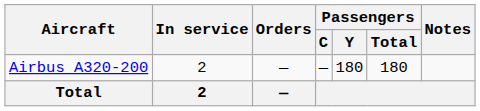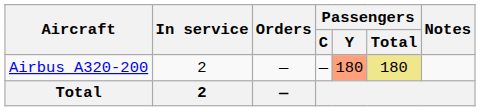 <table class="wikitable" style="border-collapse:collapse;text-align:center;margin:auto;">
 <tr>
 <th rowspan="2">Aircraft</th>
 <th rowspan="2">In service</th>
 <th rowspan="2">Orders</th>
 <th colspan="3">Passengers</th>
 <th rowspan="2">Notes</th>
 </tr>
 <tr>
 <th><abbr>C</abbr></th>
 <th><abbr>Y</abbr></th>
 <th>Total</th>
 </tr>
 <tr>
 <td><a href='#'>Airbus A320-200</a></td>
 <td>2</td>
 <td>—</td>
 <td>—</td>
-<td>180</td>
-<td>180</td>
+<td style="background: lightsalmon;">180</td>
+<td style="background: khaki;">180</td>
 <td></td>
 </tr>
 <tr>
 <th>Total</th>
 <th>2</th>
 <th>—</th>
 <th colspan="4"></th>
 </tr>
 </table>
